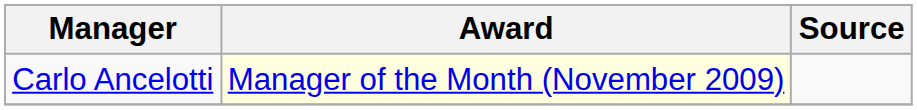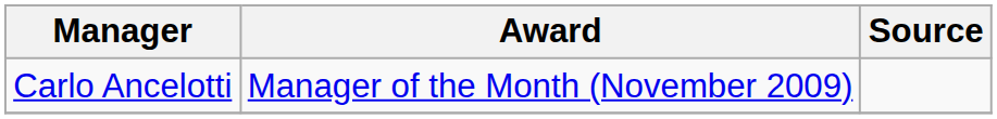 <table class="wikitable" border="1">
 <tr>
 <th>Manager</th>
 <th>Award</th>
 <th>Source</th>
 </tr>
 <tr>
 <td> <a href='#'>Carlo Ancelotti</a></td>
-<td style="background: lightyellow;"><a href='#'>Manager of the Month (November 2009)</a></td>
+<td><a href='#'>Manager of the Month (November 2009)</a></td>
 <td></td>
 </tr>
 <tr>
 </tr>
 </table>
